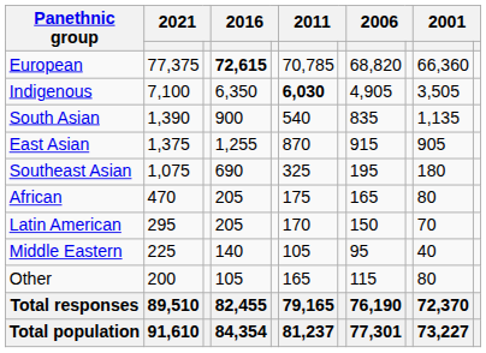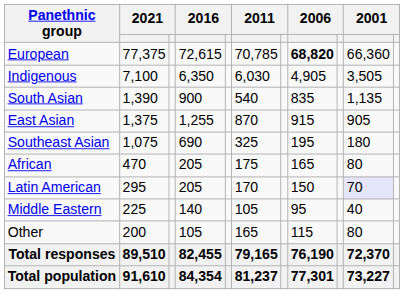 <table class="wikitable collapsible sortable">
 <tr>
 <th rowspan="2"><a href='#'>Panethnic</a><br>group</th>
 <th colspan="2">2021</th>
 <th colspan="2">2016</th>
 <th colspan="2">2011</th>
 <th colspan="2">2006</th>
 <th colspan="2">2001</th>
 </tr>
 <tr>
 <th><a href='#'></a></th>
 <th></th>
 <th></th>
 <th></th>
 <th></th>
 <th></th>
 <th></th>
 <th></th>
 <th></th>
 <th></th>
 </tr>
 <tr>
 <td><a href='#'>European</a></td>
 <td>77,375</td>
 <td></td>
-<td><strong>72,615</strong></td>
+<td>72,615</td>
 <td></td>
 <td>70,785</td>
 <td></td>
-<td>68,820</td>
+<td><strong>68,820</strong></td>
 <td></td>
 <td>66,360</td>
 <td></td>
 </tr>
 <tr>
 <td><a href='#'>Indigenous</a></td>
 <td>7,100</td>
 <td></td>
 <td>6,350</td>
 <td></td>
-<td><strong>6,030</strong></td>
+<td>6,030</td>
 <td></td>
 <td>4,905</td>
 <td></td>
 <td>3,505</td>
 <td></td>
 </tr>
 <tr>
 <td><a href='#'>South Asian</a></td>
 <td>1,390</td>
 <td></td>
 <td>900</td>
 <td></td>
 <td>540</td>
 <td></td>
 <td>835</td>
 <td></td>
 <td>1,135</td>
 <td></td>
 </tr>
 <tr>
 <td><a href='#'>East Asian</a></td>
 <td>1,375</td>
 <td></td>
 <td>1,255</td>
 <td></td>
 <td>870</td>
 <td></td>
 <td>915</td>
 <td></td>
 <td>905</td>
 <td></td>
 </tr>
 <tr>
 <td><a href='#'>Southeast Asian</a></td>
 <td>1,075</td>
 <td></td>
 <td>690</td>
 <td></td>
 <td>325</td>
 <td></td>
 <td>195</td>
 <td></td>
 <td>180</td>
 <td></td>
 </tr>
 <tr>
 <td><a href='#'>African</a></td>
 <td>470</td>
 <td></td>
 <td>205</td>
 <td></td>
 <td>175</td>
 <td></td>
 <td>165</td>
 <td></td>
 <td>80</td>
 <td></td>
 </tr>
 <tr>
 <td><a href='#'>Latin American</a></td>
 <td>295</td>
 <td></td>
 <td>205</td>
 <td></td>
 <td>170</td>
 <td></td>
 <td>150</td>
 <td></td>
-<td>70</td>
+<td style="background: lavender;">70</td>
 <td></td>
 </tr>
 <tr>
 <td><a href='#'>Middle Eastern</a></td>
 <td>225</td>
 <td></td>
 <td>140</td>
 <td></td>
 <td>105</td>
 <td></td>
 <td>95</td>
 <td></td>
 <td>40</td>
 <td></td>
 </tr>
 <tr>
 <td>Other</td>
 <td>200</td>
 <td></td>
 <td>105</td>
 <td></td>
 <td>165</td>
 <td></td>
 <td>115</td>
 <td></td>
 <td>80</td>
 <td></td>
 </tr>
 <tr>
 <th>Total responses</th>
 <th>89,510</th>
 <th></th>
 <th>82,455</th>
 <th></th>
 <th>79,165</th>
 <th></th>
 <th>76,190</th>
 <th></th>
 <th>72,370</th>
 <th></th>
 </tr>
 <tr>
 <th>Total population </th>
 <th>91,610</th>
 <th></th>
 <th>84,354</th>
 <th></th>
 <th>81,237</th>
 <th></th>
 <th>77,301</th>
 <th></th>
 <th>73,227</th>
 <th></th>
 </tr>
 </table>
